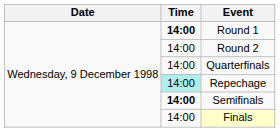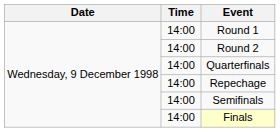 <table class = "wikitable" style="text-align:center;">
 <tr>
 <th width=220>Date</th>
 <th width=50>Time</th>
 <th width=100>Event</th>
 </tr>
 <tr>
 <td rowspan=6>Wednesday, 9 December 1998</td>
-<td><strong>14:00</strong></td>
+<td>14:00</td>
 <td>Round 1</td>
 </tr>
 <tr>
 <td>14:00</td>
 <td>Round 2</td>
 </tr>
 <tr>
 <td>14:00</td>
 <td>Quarterfinals</td>
 </tr>
 <tr>
-<td style="background: paleturquoise;">14:00</td>
+<td>14:00</td>
 <td>Repechage</td>
 </tr>
 <tr>
-<td><strong>14:00</strong></td>
+<td>14:00</td>
 <td>Semifinals</td>
 </tr>
 <tr>
 <td>14:00</td>
 <td bgcolor=ffffcc>Finals</td>
 </tr>
 </table>
